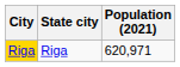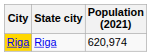 <table class="wikitable sortable sticky-header col3right">
 <tr>
 <th>City</th>
 <th>State city</th>
 <th>Population<br>(2021)</th>
 </tr>
 <tr>
 <td style="background: gold;"><a href='#'>Riga</a></td>
 <td><a href='#'>Riga</a></td>
-<td>620,971</td>
+<td>620,974</td>
 </tr>
 </table>
